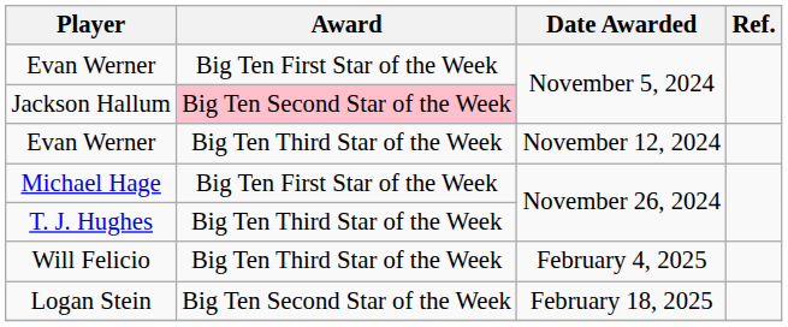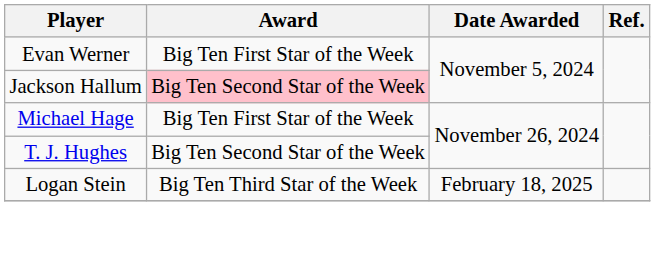 <table class="wikitable sortable sortable" style="text-align: center">
 <tr align=center>
 <th>Player</th>
 <th>Award</th>
 <th>Date Awarded</th>
 <th>Ref.</th>
 </tr>
 <tr>
 <td>Evan Werner</td>
 <td>Big Ten First Star of the Week</td>
 <td rowspan="2">November 5, 2024</td>
 <td rowspan="2"></td>
 </tr>
 <tr>
 <td>Jackson Hallum</td>
 <td style="background: pink;">Big Ten Second Star of the Week</td>
 </tr>
 <tr>
-<td>Evan Werner</td>
-<td>Big Ten Third Star of the Week</td>
-<td>November 12, 2024</td>
-<td></td>
-</tr>
-<tr>
 <td><a href='#'>Michael Hage</a></td>
 <td>Big Ten First Star of the Week</td>
 <td rowspan="2">November 26, 2024</td>
 <td rowspan="2"></td>
 </tr>
 <tr>
 <td><a href='#'>T. J. Hughes</a></td>
-<td>Big Ten Third Star of the Week</td>
-</tr>
-<tr>
-<td>Will Felicio</td>
-<td>Big Ten Third Star of the Week</td>
-<td>February 4, 2025</td>
-<td></td>
+<td>Big Ten Second Star of the Week</td>
 </tr>
 <tr>
 <td>Logan Stein</td>
-<td>Big Ten Second Star of the Week</td>
+<td>Big Ten Third Star of the Week</td>
 <td>February 18, 2025</td>
 <td></td>
 </tr>
 <tr>
 </tr>
 </table>
